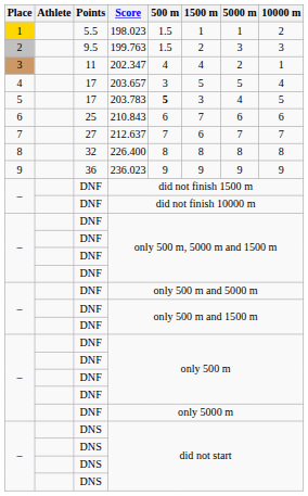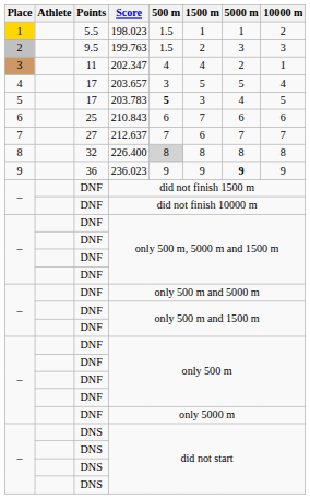 <table class="wikitable" style="text-align:center">
 <tr>
 <th>Place</th>
 <th>Athlete</th>
 <th>Points</th>
 <th><a href='#'>Score</a></th>
 <th>500 m</th>
 <th>1500 m</th>
 <th>5000 m</th>
 <th>10000 m</th>
 </tr>
 <tr>
 <td bgcolor=gold>1</td>
 <td align=left></td>
 <td>5.5</td>
 <td>198.023</td>
 <td>1.5</td>
 <td>1</td>
 <td>1</td>
 <td>2</td>
 </tr>
 <tr>
 <td bgcolor=silver>2</td>
 <td align=left></td>
 <td>9.5</td>
 <td>199.763</td>
 <td>1.5</td>
 <td>2</td>
 <td>3</td>
 <td>3</td>
 </tr>
 <tr>
 <td bgcolor=cc9966>3</td>
 <td align=left></td>
 <td>11</td>
 <td>202.347</td>
 <td>4</td>
 <td>4</td>
 <td>2</td>
 <td>1</td>
 </tr>
 <tr>
 <td>4</td>
 <td align=left></td>
 <td>17</td>
 <td>203.657</td>
 <td>3</td>
 <td>5</td>
 <td>5</td>
 <td>4</td>
 </tr>
 <tr>
 <td>5</td>
 <td align=left></td>
 <td>17</td>
 <td>203.783</td>
 <td><strong>5</strong></td>
 <td>3</td>
 <td>4</td>
 <td>5</td>
 </tr>
 <tr>
 <td>6</td>
 <td align=left></td>
 <td>25</td>
 <td>210.843</td>
 <td>6</td>
 <td>7</td>
 <td>6</td>
 <td>6</td>
 </tr>
 <tr>
 <td>7</td>
 <td align=left></td>
 <td>27</td>
 <td>212.637</td>
 <td>7</td>
 <td>6</td>
 <td>7</td>
 <td>7</td>
 </tr>
 <tr>
 <td>8</td>
 <td align=left></td>
 <td>32</td>
 <td>226.400</td>
-<td>8</td>
+<td style="background: lightgrey;">8</td>
 <td>8</td>
 <td>8</td>
 <td>8</td>
 </tr>
 <tr>
 <td>9</td>
 <td align=left></td>
 <td>36</td>
 <td>236.023</td>
 <td>9</td>
 <td>9</td>
-<td>9</td>
+<td><strong>9</strong></td>
 <td>9</td>
 </tr>
 <tr>
 <td rowspan=2>–</td>
 <td align=left></td>
 <td>DNF</td>
 <td colspan=5>did not finish 1500 m</td>
 </tr>
 <tr>
 <td align=left></td>
 <td>DNF</td>
 <td colspan=5>did not finish 10000 m</td>
 </tr>
 <tr>
 <td rowspan=4>–</td>
 <td align=left></td>
 <td>DNF</td>
 <td colspan=5; rowspan=4>only 500 m, 5000 m and 1500 m</td>
 </tr>
 <tr>
 <td align=left></td>
 <td>DNF</td>
 </tr>
 <tr>
 <td align=left></td>
 <td>DNF</td>
 </tr>
 <tr>
 <td align=left></td>
 <td>DNF</td>
 </tr>
 <tr>
 <td rowspan=3>–</td>
 <td align=left></td>
 <td>DNF</td>
 <td colspan=5>only 500 m and 5000 m</td>
 </tr>
 <tr>
 <td align=left></td>
 <td>DNF</td>
 <td colspan=5; rowspan=2>only 500 m and 1500 m</td>
 </tr>
 <tr>
 <td align=left></td>
 <td>DNF</td>
 </tr>
 <tr>
 <td rowspan=5>–</td>
 <td align=left></td>
 <td>DNF</td>
 <td colspan=5; rowspan=4>only 500 m</td>
 </tr>
 <tr>
 <td align=left></td>
 <td>DNF</td>
 </tr>
 <tr>
 <td align=left></td>
 <td>DNF</td>
 </tr>
 <tr>
 <td align=left></td>
 <td>DNF</td>
 </tr>
 <tr>
 <td align=left></td>
 <td>DNF</td>
 <td colspan=5>only 5000 m</td>
 </tr>
 <tr>
 <td rowspan=4>–</td>
 <td align=left></td>
 <td>DNS</td>
 <td colspan=5; rowspan=4>did not start</td>
 </tr>
 <tr>
 <td align=left></td>
 <td>DNS</td>
 </tr>
 <tr>
 <td align=left></td>
 <td>DNS</td>
 </tr>
 <tr>
 <td align=left></td>
 <td>DNS</td>
 </tr>
 </table>
